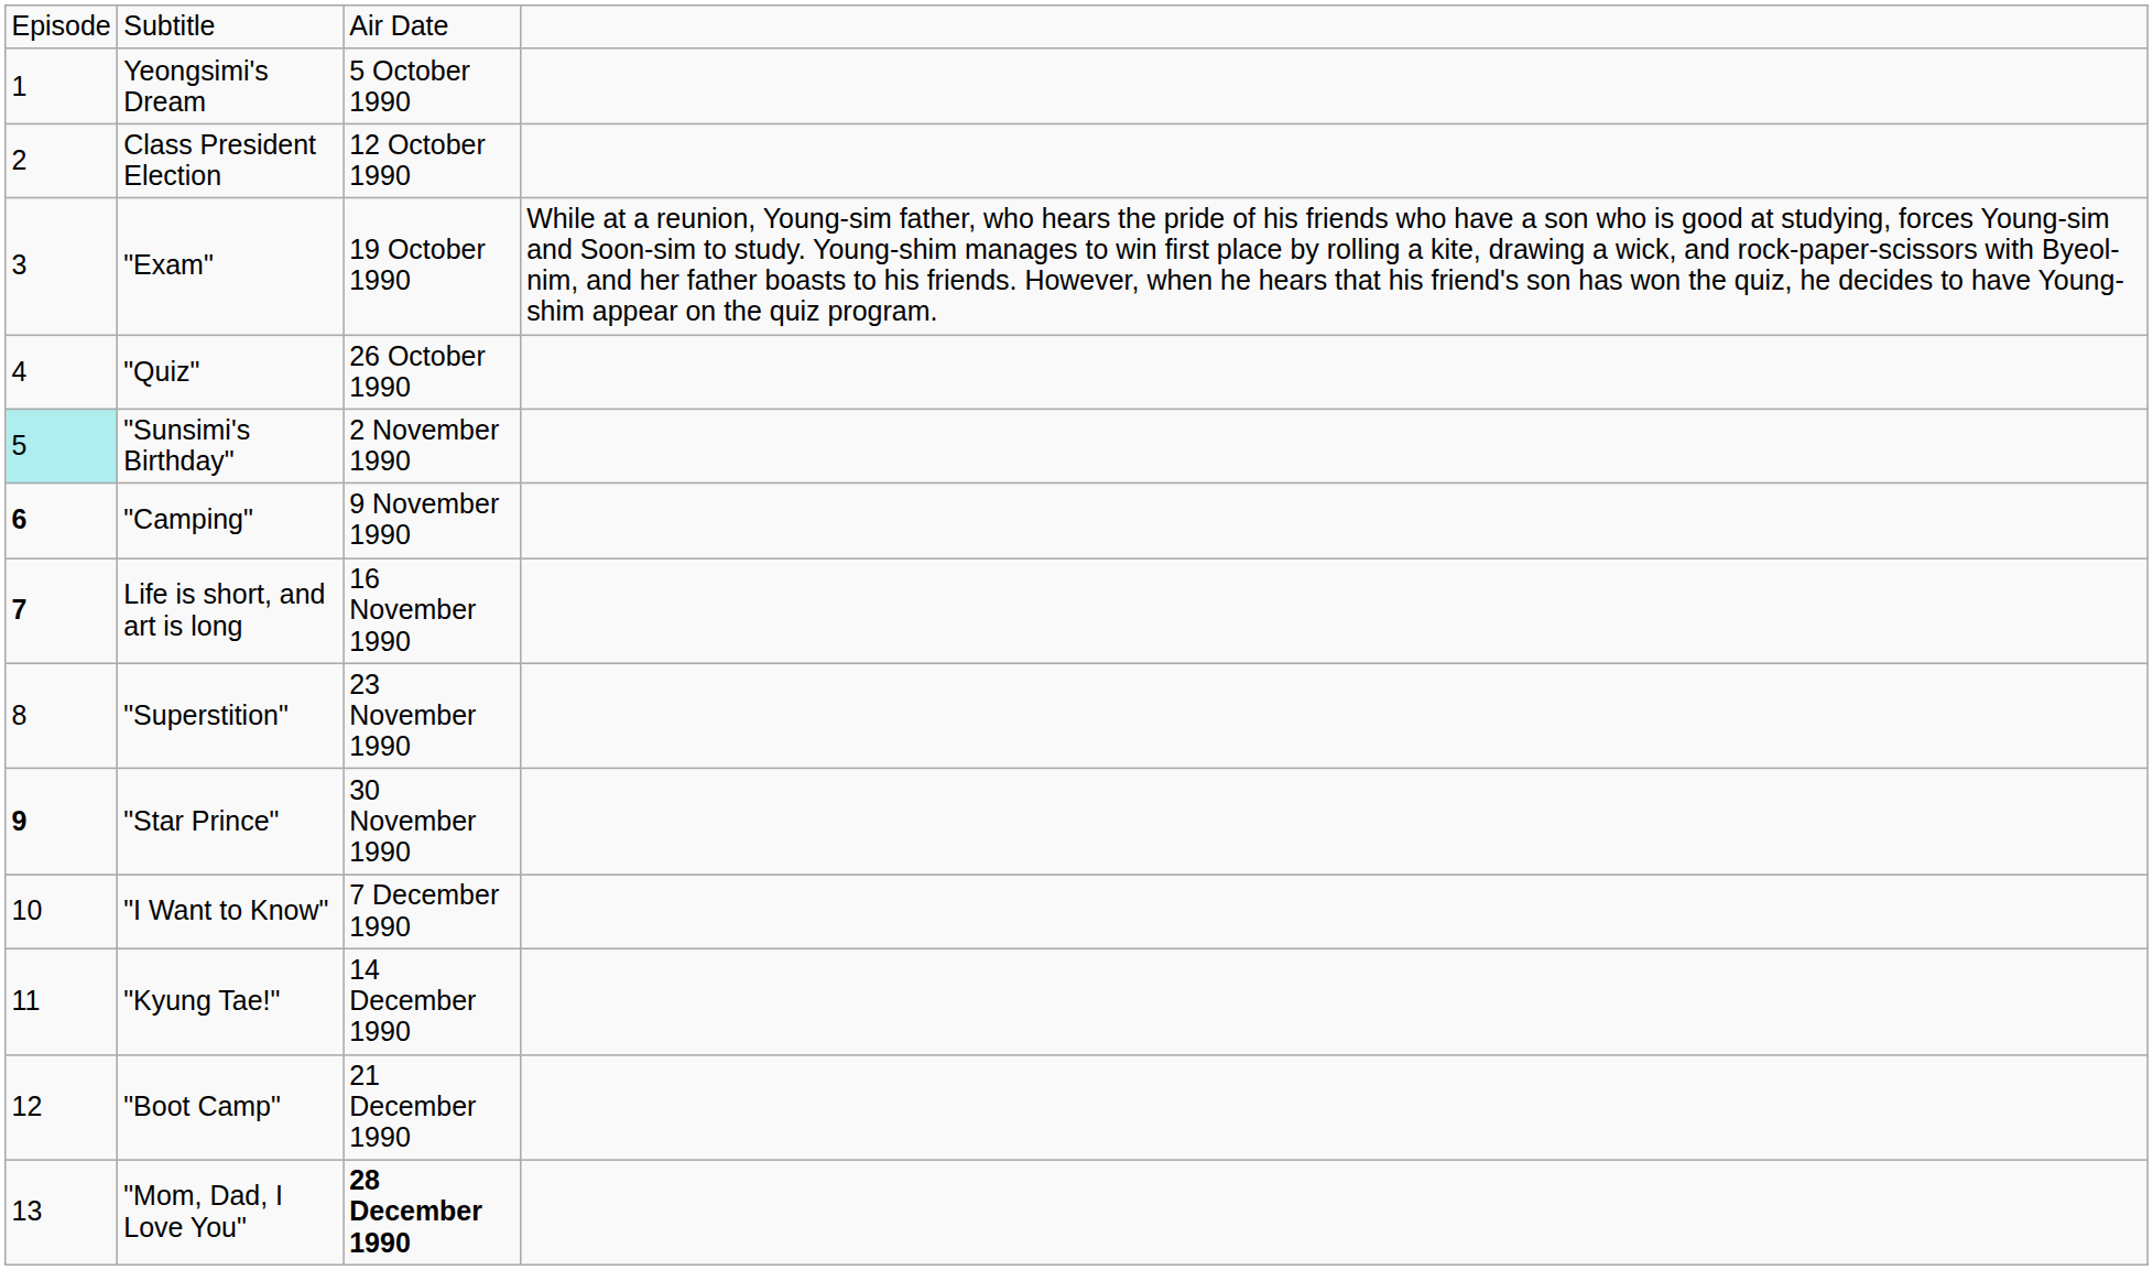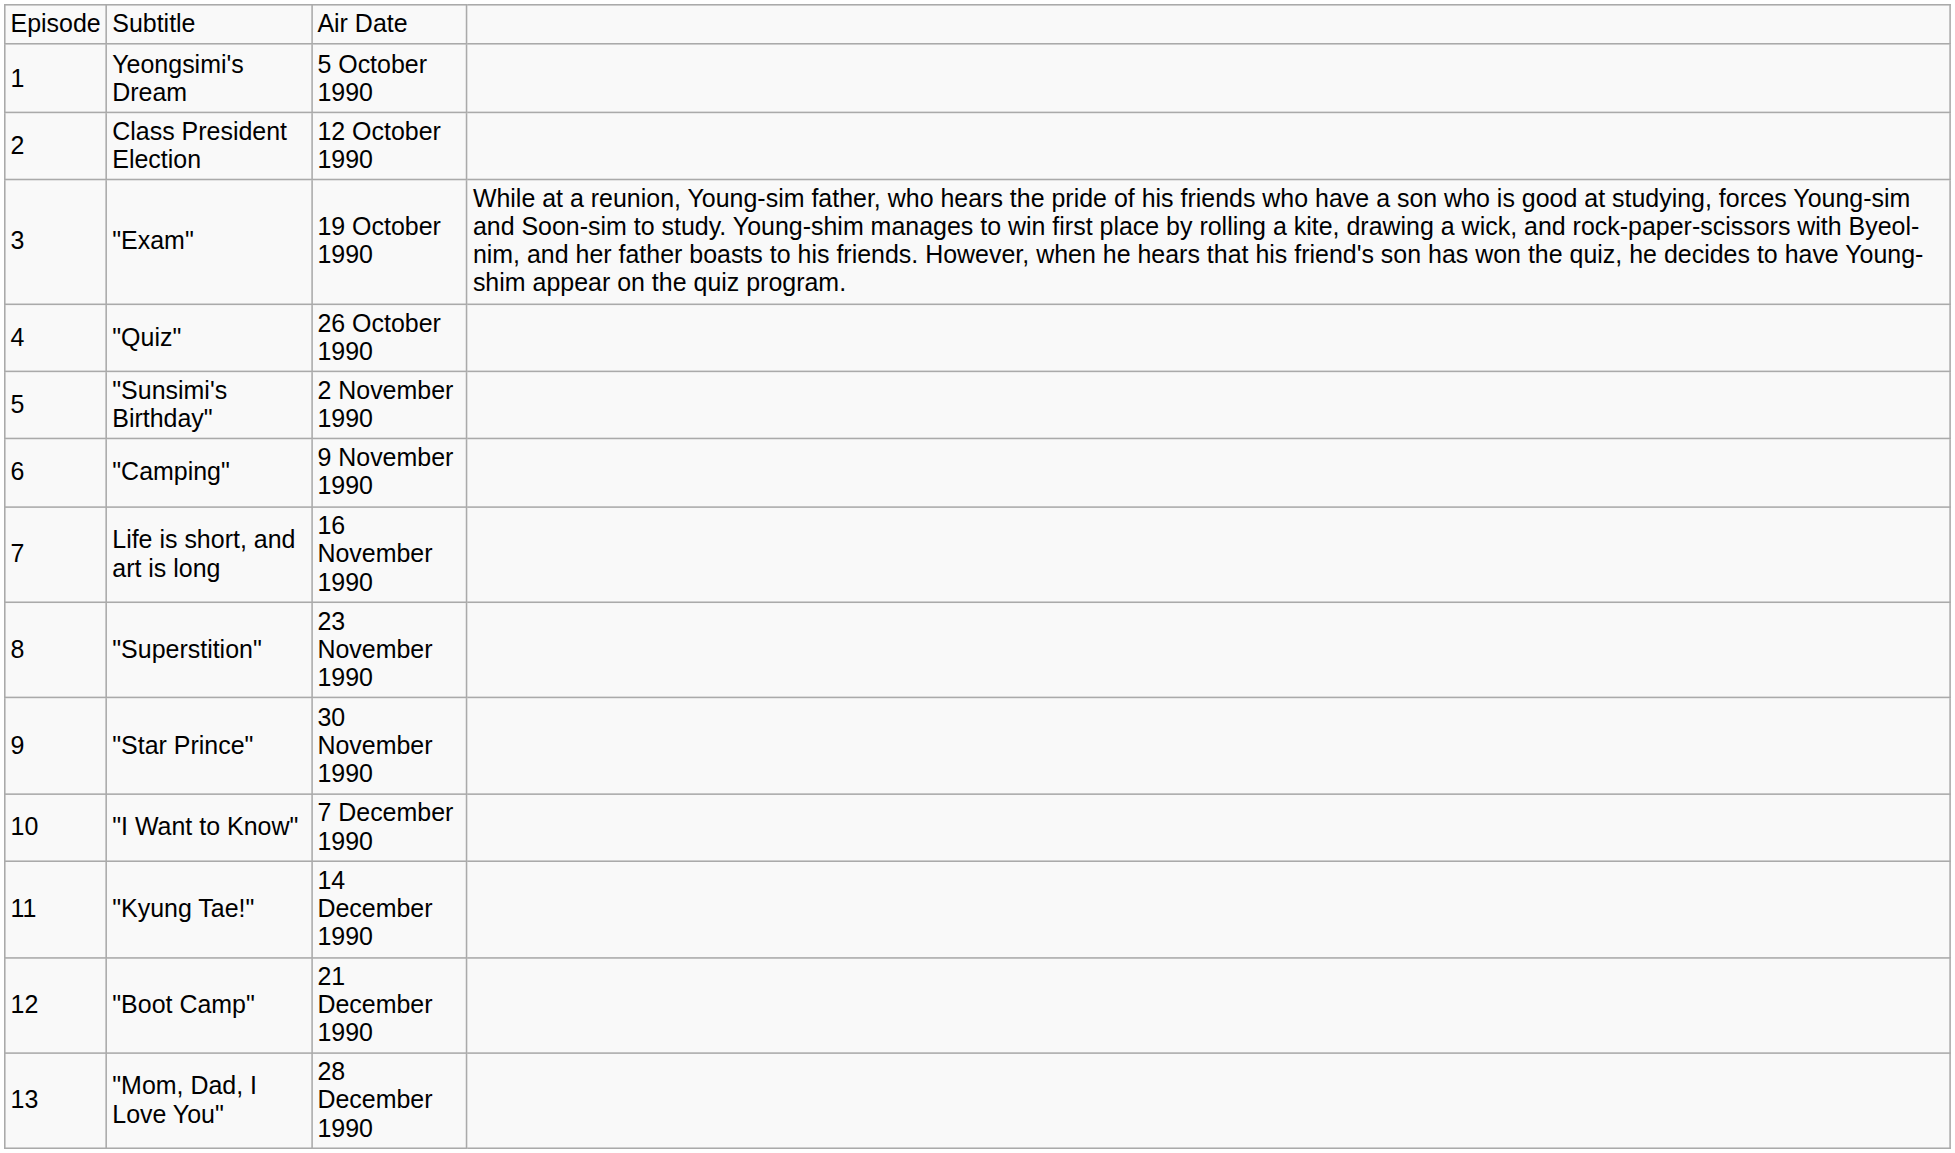 <table class="wikitable">
 <tr>
 <td>Episode</td>
 <td>Subtitle</td>
 <td>Air Date</td>
 <td></td>
 </tr>
 <tr>
 <td>1</td>
 <td>Yeongsimi's Dream</td>
 <td>5 October 1990</td>
 <td></td>
 </tr>
 <tr>
 <td>2</td>
 <td>Class President Election</td>
 <td>12 October 1990</td>
 <td></td>
 </tr>
 <tr>
 <td>3</td>
 <td>"Exam"</td>
 <td>19 October 1990</td>
 <td>While at a reunion, Young-sim father, who hears the pride of his friends who have a son who is good at studying, forces Young-sim and Soon-sim to study. Young-shim manages to win first place by rolling a kite, drawing a wick, and rock-paper-scissors with Byeol-nim, and her father boasts to his friends. However, when he hears that his friend's son has won the quiz, he decides to have Young-shim appear on the quiz program.</td>
 </tr>
 <tr>
 <td>4</td>
 <td>"Quiz"</td>
 <td>26 October 1990</td>
 <td></td>
 </tr>
 <tr>
-<td style="background: paleturquoise;">5</td>
+<td>5</td>
 <td>"Sunsimi's Birthday"</td>
 <td>2 November 1990</td>
 <td></td>
 </tr>
 <tr>
-<td><strong>6</strong></td>
+<td>6</td>
 <td>"Camping"</td>
 <td>9 November 1990</td>
 <td></td>
 </tr>
 <tr>
-<td><strong>7</strong></td>
+<td>7</td>
 <td>Life is short, and art is long</td>
 <td>16 November 1990</td>
 <td></td>
 </tr>
 <tr>
 <td>8</td>
 <td>"Superstition"</td>
 <td>23 November 1990</td>
 <td></td>
 </tr>
 <tr>
-<td><strong>9</strong></td>
+<td>9</td>
 <td>"Star Prince"</td>
 <td>30 November 1990</td>
 <td></td>
 </tr>
 <tr>
 <td>10</td>
 <td>"I Want to Know"</td>
 <td>7 December 1990</td>
 <td></td>
 </tr>
 <tr>
 <td>11</td>
 <td>"Kyung Tae!"</td>
 <td>14 December 1990</td>
 <td></td>
 </tr>
 <tr>
 <td>12</td>
 <td>"Boot Camp"</td>
 <td>21 December 1990</td>
 <td></td>
 </tr>
 <tr>
 <td>13</td>
 <td>"Mom, Dad, I Love You"</td>
-<td><strong>28 December 1990</strong></td>
+<td>28 December 1990</td>
 <td></td>
 </tr>
 </table>
